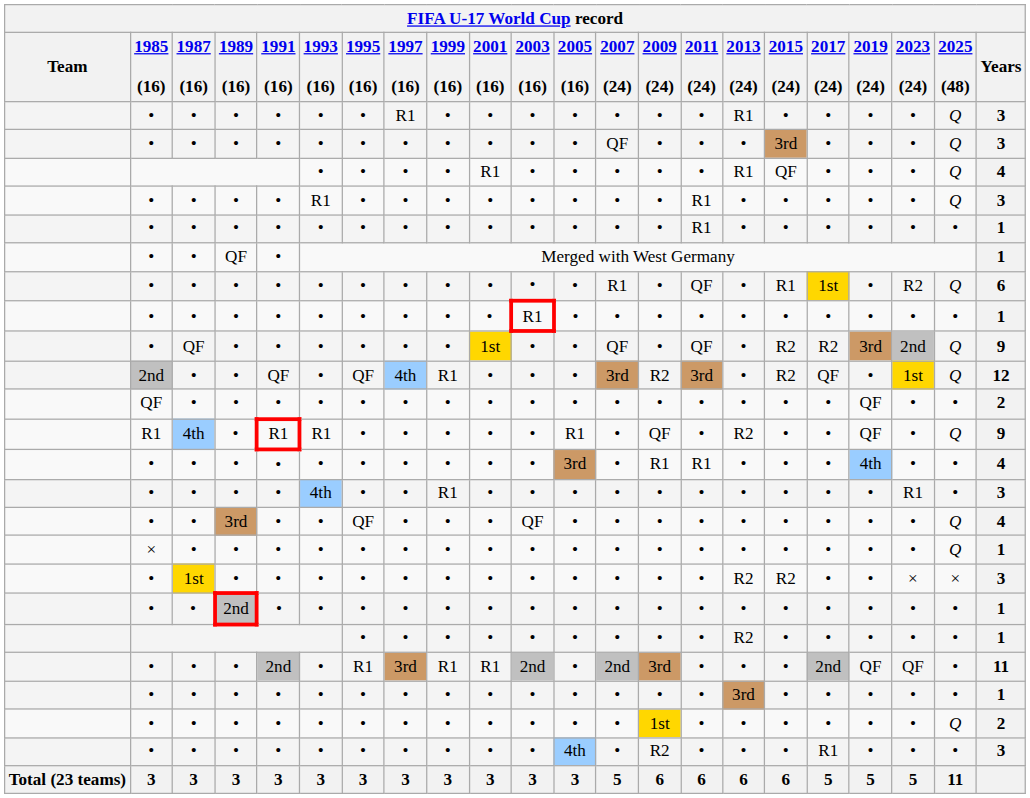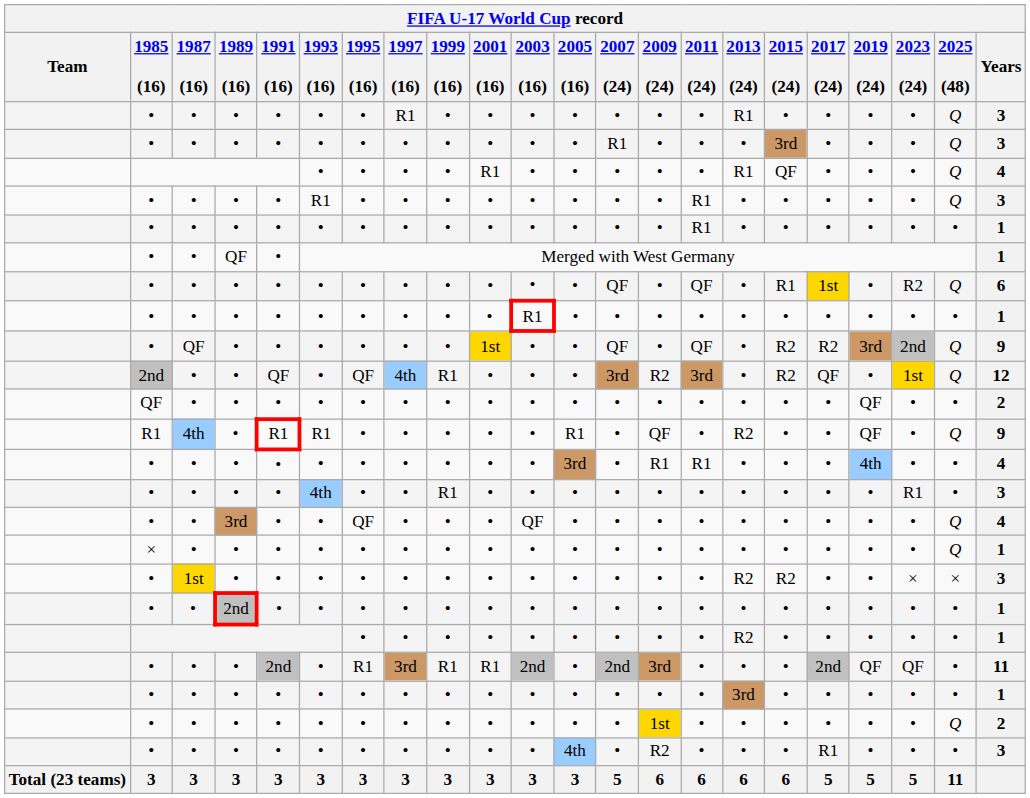 <table class="wikitable" style="text-align:center; font-size:85%;">
 <tr>
 <th colspan=22><a href='#'>FIFA U-17 World Cup</a> record</th>
 </tr>
 <tr>
 <th>Team</th>
 <th><a href='#'>1985</a><br><br>(16)</th>
 <th><a href='#'>1987</a><br><br>(16)</th>
 <th><a href='#'>1989</a><br><br>(16)</th>
 <th><a href='#'>1991</a><br><br>(16)</th>
 <th><a href='#'>1993</a><br><br>(16)</th>
 <th><a href='#'>1995</a><br><br>(16)</th>
 <th><a href='#'>1997</a><br><br>(16)</th>
 <th><a href='#'>1999</a><br><br>(16)</th>
 <th><a href='#'>2001</a><br><br>(16)</th>
 <th><a href='#'>2003</a><br><br>(16)</th>
 <th><a href='#'>2005</a><br><br>(16)</th>
 <th><a href='#'>2007</a><br><br>(24)</th>
 <th><a href='#'>2009</a><br><br>(24)</th>
 <th><a href='#'>2011</a><br><br>(24)</th>
 <th><a href='#'>2013</a><br><br>(24)</th>
 <th><a href='#'>2015</a><br><br>(24)</th>
 <th><a href='#'>2017</a><br><br>(24)</th>
 <th><a href='#'>2019</a><br><br>(24)</th>
 <th><a href='#'>2023</a><br><br>(24)</th>
 <th><a href='#'>2025</a><br><br>(48)</th>
 <th>Years</th>
 </tr>
 <tr style="background:#f4f4f4;" align=center>
 <td align=left></td>
 <td>•</td>
 <td>•</td>
 <td>•</td>
 <td>•</td>
 <td>•</td>
 <td>•</td>
 <td>R1</td>
 <td>•</td>
 <td>•</td>
 <td>•</td>
 <td>•</td>
 <td>•</td>
 <td>•</td>
 <td>•</td>
 <td>R1</td>
 <td>•</td>
 <td>•</td>
 <td>•</td>
 <td>•</td>
 <td><em>Q</em></td>
 <th>3</th>
 </tr>
 <tr style="background:#f4f4f4;" align=center>
 <td align=left></td>
 <td>•</td>
 <td>•</td>
 <td>•</td>
 <td>•</td>
 <td>•</td>
 <td>•</td>
 <td>•</td>
 <td>•</td>
 <td>•</td>
 <td>•</td>
 <td>•</td>
-<td>QF</td>
+<td>R1</td>
 <td>•</td>
 <td>•</td>
 <td>•</td>
 <td bgcolor=#cc9966>3rd</td>
 <td>•</td>
 <td>•</td>
 <td>•</td>
 <td><em>Q</em></td>
 <th>3</th>
 </tr>
 <tr align=center>
 <td align=left></td>
 <td colspan=4></td>
 <td>•</td>
 <td>•</td>
 <td>•</td>
 <td>•</td>
 <td>R1</td>
 <td>•</td>
 <td>•</td>
 <td>•</td>
 <td>•</td>
 <td>•</td>
 <td>R1</td>
 <td>QF</td>
 <td>•</td>
 <td>•</td>
 <td>•</td>
 <td><em>Q</em></td>
 <th>4</th>
 </tr>
 <tr align=center>
 <td align=left></td>
 <td>•</td>
 <td>•</td>
 <td>•</td>
 <td>•</td>
 <td>R1</td>
 <td>•</td>
 <td>•</td>
 <td>•</td>
 <td>•</td>
 <td>•</td>
 <td>•</td>
 <td>•</td>
 <td>•</td>
 <td>R1</td>
 <td>•</td>
 <td>•</td>
 <td>•</td>
 <td>•</td>
 <td>•</td>
 <td><em>Q</em></td>
 <th>3</th>
 </tr>
 <tr style="background:#f4f4f4;" align=center>
 <td align=left></td>
 <td>•</td>
 <td>•</td>
 <td>•</td>
 <td>•</td>
 <td>•</td>
 <td>•</td>
 <td>•</td>
 <td>•</td>
 <td>•</td>
 <td>•</td>
 <td>•</td>
 <td>•</td>
 <td>•</td>
 <td>R1</td>
 <td>•</td>
 <td>•</td>
 <td>•</td>
 <td>•</td>
 <td>•</td>
 <td>•</td>
 <th>1</th>
 </tr>
 <tr align=center>
 <td align=left></td>
 <td>•</td>
 <td>•</td>
 <td>QF</td>
 <td>•</td>
 <td colspan="16">Merged with West Germany</td>
 <th>1</th>
 </tr>
 <tr style="background:#f4f4f4;" align=center>
 <td align=left></td>
 <td>•</td>
 <td>•</td>
 <td>•</td>
 <td>•</td>
 <td>•</td>
 <td>•</td>
 <td>•</td>
 <td>•</td>
 <td>•</td>
 <td>•</td>
 <td>•</td>
-<td>R1</td>
+<td>QF</td>
 <td>•</td>
 <td>QF</td>
 <td>•</td>
 <td>R1</td>
 <td bgcolor=gold>1st</td>
 <td>•</td>
 <td>R2</td>
 <td><em>Q</em></td>
 <th>6</th>
 </tr>
 <tr align=center>
 <td align=left></td>
 <td>•</td>
 <td>•</td>
 <td>•</td>
 <td>•</td>
 <td>•</td>
 <td>•</td>
 <td>•</td>
 <td>•</td>
 <td>•</td>
 <td style="border: 3px solid red">R1</td>
 <td>•</td>
 <td>•</td>
 <td>•</td>
 <td>•</td>
 <td>•</td>
 <td>•</td>
 <td>•</td>
 <td>•</td>
 <td>•</td>
 <td>•</td>
 <th>1</th>
 </tr>
 <tr style="background:#f4f4f4;" align=center>
 <td align=left></td>
 <td>•</td>
 <td>QF</td>
 <td>•</td>
 <td>•</td>
 <td>•</td>
 <td>•</td>
 <td>•</td>
 <td>•</td>
 <td bgcolor=gold>1st</td>
 <td>•</td>
 <td>•</td>
 <td>QF</td>
 <td>•</td>
 <td>QF</td>
 <td>•</td>
 <td>R2</td>
 <td>R2</td>
 <td bgcolor=#cc9966>3rd</td>
 <td bgcolor=silver>2nd</td>
 <td><em>Q</em></td>
 <th>9</th>
 </tr>
 <tr style="background:#f4f4f4;" align=center>
 <td align=left></td>
 <td bgcolor=silver>2nd</td>
 <td>•</td>
 <td>•</td>
 <td>QF</td>
 <td>•</td>
 <td>QF</td>
 <td bgcolor=#9acdff>4th</td>
 <td>R1</td>
 <td>•</td>
 <td>•</td>
 <td>•</td>
 <td bgcolor=#cc9966>3rd</td>
 <td>R2</td>
 <td bgcolor=#cc9966>3rd</td>
 <td>•</td>
 <td>R2</td>
 <td>QF</td>
 <td>•</td>
 <td bgcolor=gold>1st</td>
 <td><em>Q</em></td>
 <th>12</th>
 </tr>
 <tr align=center>
 <td align=left></td>
 <td>QF</td>
 <td>•</td>
 <td>•</td>
 <td>•</td>
 <td>•</td>
 <td>•</td>
 <td>•</td>
 <td>•</td>
 <td>•</td>
 <td>•</td>
 <td>•</td>
 <td>•</td>
 <td>•</td>
 <td>•</td>
 <td>•</td>
 <td>•</td>
 <td>•</td>
 <td>QF</td>
 <td>•</td>
 <td>•</td>
 <th>2</th>
 </tr>
 <tr align=center>
 <td align=left></td>
 <td>R1</td>
 <td bgcolor=#9acdff>4th</td>
 <td>•</td>
 <td style="border: 3px solid red">R1</td>
 <td>R1</td>
 <td>•</td>
 <td>•</td>
 <td>•</td>
 <td>•</td>
 <td>•</td>
 <td>R1</td>
 <td>•</td>
 <td>QF</td>
 <td>•</td>
 <td>R2</td>
 <td>•</td>
 <td>•</td>
 <td>QF</td>
 <td>•</td>
 <td><em>Q</em></td>
 <th>9</th>
 </tr>
 <tr align=center>
 <td align=left></td>
 <td>•</td>
 <td>•</td>
 <td>•</td>
 <td>•</td>
 <td>•</td>
 <td>•</td>
 <td>•</td>
 <td>•</td>
 <td>•</td>
 <td>•</td>
 <td bgcolor=#cc9966>3rd</td>
 <td>•</td>
 <td>R1</td>
 <td>R1</td>
 <td>•</td>
 <td>•</td>
 <td>•</td>
 <td bgcolor=#9acdff>4th</td>
 <td>•</td>
 <td>•</td>
 <th>4</th>
 </tr>
 <tr style="background:#f4f4f4;" align=center>
 <td align=left></td>
 <td>•</td>
 <td>•</td>
 <td>•</td>
 <td>•</td>
 <td bgcolor=#9acdff>4th</td>
 <td>•</td>
 <td>•</td>
 <td>R1</td>
 <td>•</td>
 <td>•</td>
 <td>•</td>
 <td>•</td>
 <td>•</td>
 <td>•</td>
 <td>•</td>
 <td>•</td>
 <td>•</td>
 <td>•</td>
 <td>R1</td>
 <td>•</td>
 <th>3</th>
 </tr>
 <tr align=center>
 <td align=left></td>
 <td>•</td>
 <td>•</td>
 <td bgcolor=#cc9966>3rd</td>
 <td>•</td>
 <td>•</td>
 <td>QF</td>
 <td>•</td>
 <td>•</td>
 <td>•</td>
 <td>QF</td>
 <td>•</td>
 <td>•</td>
 <td>•</td>
 <td>•</td>
 <td>•</td>
 <td>•</td>
 <td>•</td>
 <td>•</td>
 <td>•</td>
 <td><em>Q</em></td>
 <th>4</th>
 </tr>
 <tr align=center>
 <td align=left></td>
 <td>×</td>
 <td>•</td>
 <td>•</td>
 <td>•</td>
 <td>•</td>
 <td>•</td>
 <td>•</td>
 <td>•</td>
 <td>•</td>
 <td>•</td>
 <td>•</td>
 <td>•</td>
 <td>•</td>
 <td>•</td>
 <td>•</td>
 <td>•</td>
 <td>•</td>
 <td>•</td>
 <td>•</td>
 <td><em>Q</em></td>
 <th>1</th>
 </tr>
 <tr align=center>
 <td align=left></td>
 <td>•</td>
 <td bgcolor=gold>1st</td>
 <td>•</td>
 <td>•</td>
 <td>•</td>
 <td>•</td>
 <td>•</td>
 <td>•</td>
 <td>•</td>
 <td>•</td>
 <td>•</td>
 <td>•</td>
 <td>•</td>
 <td>•</td>
 <td>R2</td>
 <td>R2</td>
 <td>•</td>
 <td>•</td>
 <td>×</td>
 <td>×</td>
 <th>3</th>
 </tr>
 <tr style="background:#f4f4f4;" align=center>
 <td align=left></td>
 <td>•</td>
 <td>•</td>
 <td style="border: 3px solid red" bgcolor=silver>2nd</td>
 <td>•</td>
 <td>•</td>
 <td>•</td>
 <td>•</td>
 <td>•</td>
 <td>•</td>
 <td>•</td>
 <td>•</td>
 <td>•</td>
 <td>•</td>
 <td>•</td>
 <td>•</td>
 <td>•</td>
 <td>•</td>
 <td>•</td>
 <td>•</td>
 <td>•</td>
 <th>1</th>
 </tr>
 <tr style="background:#f4f4f4;" align=center>
 <td align=left></td>
 <td colspan=5></td>
 <td>•</td>
 <td>•</td>
 <td>•</td>
 <td>•</td>
 <td>•</td>
 <td>•</td>
 <td>•</td>
 <td>•</td>
 <td>•</td>
 <td>R2</td>
 <td>•</td>
 <td>•</td>
 <td>•</td>
 <td>•</td>
 <td>•</td>
 <th>1</th>
 </tr>
 <tr style="background:#f4f4f4;" align=center>
 <td align=left></td>
 <td>•</td>
 <td>•</td>
 <td>•</td>
 <td bgcolor=silver>2nd</td>
 <td>•</td>
 <td>R1</td>
 <td bgcolor=#cc9966>3rd</td>
 <td>R1</td>
 <td>R1</td>
 <td bgcolor=silver>2nd</td>
 <td>•</td>
 <td bgcolor=silver>2nd</td>
 <td bgcolor=#cc9966>3rd</td>
 <td>•</td>
 <td>•</td>
 <td>•</td>
 <td bgcolor=silver>2nd</td>
 <td>QF</td>
 <td>QF</td>
 <td>•</td>
 <th>11</th>
 </tr>
 <tr style="background:#f4f4f4;" align=center>
 <td align=left></td>
 <td>•</td>
 <td>•</td>
 <td>•</td>
 <td>•</td>
 <td>•</td>
 <td>•</td>
 <td>•</td>
 <td>•</td>
 <td>•</td>
 <td>•</td>
 <td>•</td>
 <td>•</td>
 <td>•</td>
 <td>•</td>
 <td bgcolor=#cc9966>3rd</td>
 <td>•</td>
 <td>•</td>
 <td>•</td>
 <td>•</td>
 <td>•</td>
 <th>1</th>
 </tr>
 <tr align=center>
 <td align=left></td>
 <td>•</td>
 <td>•</td>
 <td>•</td>
 <td>•</td>
 <td>•</td>
 <td>•</td>
 <td>•</td>
 <td>•</td>
 <td>•</td>
 <td>•</td>
 <td>•</td>
 <td>•</td>
 <td bgcolor=gold>1st</td>
 <td>•</td>
 <td>•</td>
 <td>•</td>
 <td>•</td>
 <td>•</td>
 <td>•</td>
 <td><em>Q</em></td>
 <th>2</th>
 </tr>
 <tr style="background:#f4f4f4;" align=center>
 <td align=left></td>
 <td>•</td>
 <td>•</td>
 <td>•</td>
 <td>•</td>
 <td>•</td>
 <td>•</td>
 <td>•</td>
 <td>•</td>
 <td>•</td>
 <td>•</td>
 <td bgcolor=#9acdff>4th</td>
 <td>•</td>
 <td>R2</td>
 <td>•</td>
 <td>•</td>
 <td>•</td>
 <td>R1</td>
 <td>•</td>
 <td>•</td>
 <td>•</td>
 <th>3</th>
 </tr>
 <tr>
 <th align=left>Total (23 teams)</th>
 <th>3</th>
 <th>3</th>
 <th>3</th>
 <th>3</th>
 <th>3</th>
 <th>3</th>
 <th>3</th>
 <th>3</th>
 <th>3</th>
 <th>3</th>
 <th>3</th>
 <th>5</th>
 <th>6</th>
 <th>6</th>
 <th>6</th>
 <th>6</th>
 <th>5</th>
 <th>5</th>
 <th>5</th>
 <th>11</th>
 <th></th>
 </tr>
 </table>
